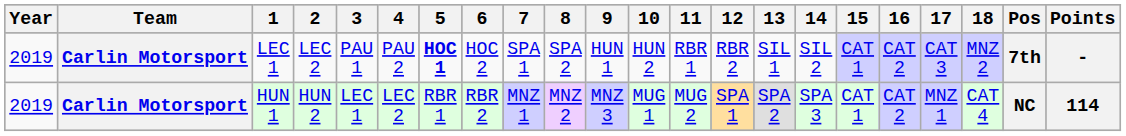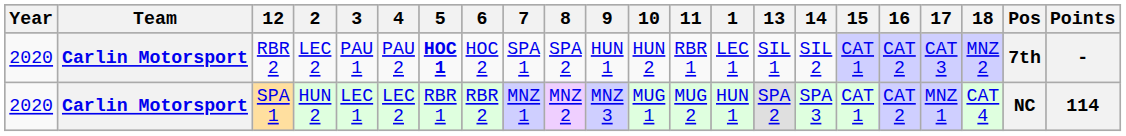 <table class="wikitable" style="text-align:center; font-size:85%">
 <tr>
 <th>Year</th>
 <th>Team</th>
-<th>1</th>
+<th>12</th>
 <th>2</th>
 <th>3</th>
 <th>4</th>
 <th>5</th>
 <th>6</th>
 <th>7</th>
 <th>8</th>
 <th>9</th>
 <th>10</th>
 <th>11</th>
-<th>12</th>
+<th>1</th>
 <th>13</th>
 <th>14</th>
 <th>15</th>
 <th>16</th>
 <th>17</th>
 <th>18</th>
 <th>Pos</th>
 <th>Points</th>
 </tr>
 <tr>
-<td><a href='#'>2019</a></td>
+<td><a href='#'>2020</a></td>
 <th nowrap><a href='#'>Carlin Motorsport</a></th>
-<td><a href='#'>LEC<br>1</a></td>
+<td><a href='#'>RBR<br>2</a></td>
 <td><a href='#'>LEC<br>2</a></td>
 <td><a href='#'>PAU<br>1</a></td>
 <td><a href='#'>PAU<br>2</a></td>
 <td><strong><a href='#'>HOC<br>1</a></strong></td>
 <td><a href='#'>HOC<br>2</a></td>
 <td><a href='#'>SPA<br>1</a></td>
 <td><a href='#'>SPA<br>2</a></td>
 <td><a href='#'>HUN<br>1</a></td>
 <td><a href='#'>HUN<br>2</a></td>
 <td><a href='#'>RBR<br>1</a></td>
-<td><a href='#'>RBR<br>2</a></td>
+<td><a href='#'>LEC<br>1</a></td>
 <td><a href='#'>SIL<br>1</a></td>
 <td><a href='#'>SIL<br>2</a></td>
 <td style="background:#CFCFFF;"><a href='#'>CAT<br>1</a><br></td>
 <td style="background:#CFCFFF;"><a href='#'>CAT<br>2</a><br></td>
 <td style="background:#CFCFFF"><a href='#'>CAT<br>3</a><br></td>
 <td style="background:#CFCFFF;"><a href='#'>MNZ<br>2</a><br></td>
 <th>7th</th>
 <th>-</th>
 </tr>
 <tr>
-<td><a href='#'>2019</a></td>
+<td><a href='#'>2020</a></td>
 <th nowrap><a href='#'>Carlin Motorsport</a></th>
-<td style="background:#DFFFDF"><a href='#'>HUN<br>1</a><br></td>
+<td style="background:#FFDF9F"><a href='#'>SPA<br>1</a><br></td>
 <td style="background:#DFFFDF"><a href='#'>HUN<br>2</a><br></td>
 <td style="background:#DFFFDF"><a href='#'>LEC<br>1</a><br></td>
 <td style="background:#DFFFDF"><a href='#'>LEC<br>2</a><br></td>
 <td style="background:#DFFFDF"><a href='#'>RBR<br>1</a><br></td>
 <td style="background:#DFFFDF"><a href='#'>RBR<br>2</a><br></td>
 <td style="background:#CFCFFF"><a href='#'>MNZ<br>1</a><br></td>
 <td style="background:#EFCFFF"><a href='#'>MNZ<br>2</a><br></td>
 <td style="background:#CFCFFF"><a href='#'>MNZ<br>3</a><br></td>
 <td style="background:#DFFFDF"><a href='#'>MUG<br>1</a><br></td>
 <td style="background:#DFFFDF"><a href='#'>MUG<br>2</a><br></td>
-<td style="background:#FFDF9F"><a href='#'>SPA<br>1</a><br></td>
+<td style="background:#DFFFDF"><a href='#'>HUN<br>1</a><br></td>
 <td style="background:#DFDFDF"><a href='#'>SPA<br>2</a><br></td>
 <td style="background:#DFFFDF"><a href='#'>SPA<br>3</a><br></td>
 <td style="background:#DFFFDF"><a href='#'>CAT<br>1</a><br></td>
 <td style="background:#CFCFFF"><a href='#'>CAT<br>2</a><br></td>
 <td style="background:#CFCFFF;"><a href='#'>MNZ<br>1</a><br></td>
 <td style="background:#DFFFDF"><a href='#'>CAT<br>4</a><br></td>
 <th>NC</th>
 <th>114</th>
 </tr>
 </table>
